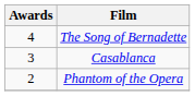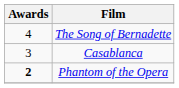 <table class="wikitable" rowspan="2" style="text-align:center;">
 <tr>
 <th scope="col" style="width:55px;">Awards</th>
 <th scope="col" style="text-align:center;">Film</th>
 </tr>
 <tr>
 <td rowspan=1, style="text-align:center">4</td>
 <td><em><a href='#'>The Song of Bernadette</a></em></td>
 </tr>
 <tr>
 <td rowspan=1, style="text-align:center">3</td>
 <td><em><a href='#'>Casablanca</a></em></td>
 </tr>
 <tr>
-<td rowspan=1, style="text-align:center">2</td>
+<td rowspan=1, style="text-align:center"><strong>2</strong></td>
 <td><em><a href='#'>Phantom of the Opera</a></em></td>
 </tr>
 <tr>
 </tr>
 </table>
